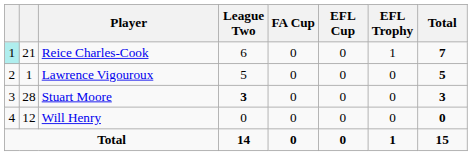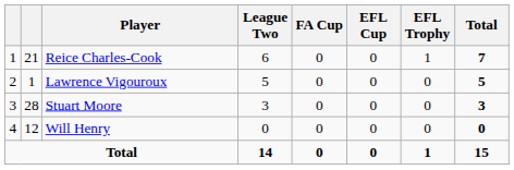 <table class="wikitable sortable" style="font-size: 95%; text-align: center;">
 <tr>
 <th width=10></th>
 <th width=10></th>
 <th width=200>Player</th>
 <th width=50>League Two</th>
 <th width=50>FA Cup</th>
 <th width=50>EFL Cup</th>
 <th width=50>EFL Trophy</th>
 <th width=50>Total</th>
 </tr>
 <tr>
-<td style="background: paleturquoise;">1</td>
+<td>1</td>
 <td>21</td>
 <td align="left"> <a href='#'>Reice Charles-Cook</a></td>
 <td>6</td>
 <td>0</td>
 <td>0</td>
 <td>1</td>
 <td><strong>7</strong></td>
 </tr>
 <tr>
 <td>2</td>
 <td>1</td>
 <td align="left"> <a href='#'>Lawrence Vigouroux</a></td>
 <td>5</td>
 <td>0</td>
 <td>0</td>
 <td>0</td>
 <td><strong>5</strong></td>
 </tr>
 <tr>
 <td>3</td>
 <td>28</td>
 <td align="left"> <a href='#'>Stuart Moore</a></td>
-<td><strong>3</strong></td>
+<td>3</td>
 <td>0</td>
 <td>0</td>
 <td>0</td>
 <td><strong>3</strong></td>
 </tr>
 <tr>
 <td>4</td>
 <td>12</td>
 <td align="left"> <a href='#'>Will Henry</a></td>
 <td>0</td>
 <td>0</td>
 <td>0</td>
 <td>0</td>
 <td><strong>0</strong></td>
 </tr>
 <tr>
 <td colspan="3"><strong>Total</strong></td>
 <td><strong>14</strong></td>
 <td><strong>0</strong></td>
 <td><strong>0</strong></td>
 <td><strong>1</strong></td>
 <td><strong>15</strong></td>
 </tr>
 </table>
